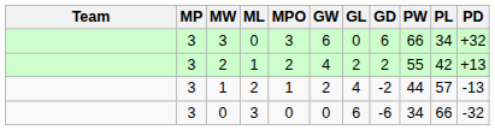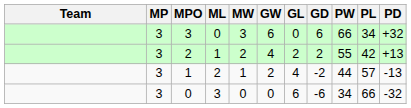 <table class=wikitable style="text-align:center">
 <tr>
 <th width=175>Team</th>
 <th width=20>MP</th>
+<th width=20>MPO</th>
+<th width=20>ML</th>
 <th width=20>MW</th>
-<th width=20>ML</th>
-<th width=20>MPO</th>
 <th width=20>GW</th>
 <th width=20>GL</th>
 <th width=20>GD</th>
 <th width=20>PW</th>
 <th width=20>PL</th>
 <th width=20>PD</th>
 </tr>
 <tr style="background:#cfc;">
 <td align=left><strong><br></strong></td>
 <td>3</td>
 <td>3</td>
 <td>0</td>
 <td>3</td>
 <td>6</td>
 <td>0</td>
 <td>6</td>
 <td>66</td>
 <td>34</td>
 <td>+32</td>
 </tr>
 <tr style="background:#cfc;">
 <td align=left><strong><br></strong></td>
 <td>3</td>
 <td>2</td>
 <td>1</td>
 <td>2</td>
 <td>4</td>
 <td>2</td>
 <td>2</td>
 <td>55</td>
 <td>42</td>
 <td>+13</td>
 </tr>
 <tr>
 <td align=left><br></td>
 <td>3</td>
 <td>1</td>
 <td>2</td>
 <td>1</td>
 <td>2</td>
 <td>4</td>
 <td>-2</td>
 <td>44</td>
 <td>57</td>
 <td>-13</td>
 </tr>
 <tr>
 <td align=left><br></td>
 <td>3</td>
 <td>0</td>
 <td>3</td>
 <td>0</td>
 <td>0</td>
 <td>6</td>
 <td>-6</td>
 <td>34</td>
 <td>66</td>
 <td>-32</td>
 </tr>
 </table>
